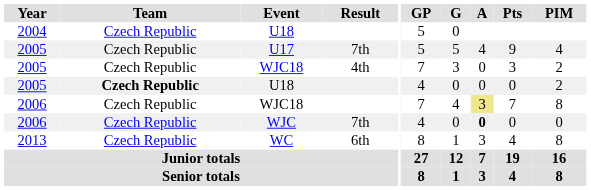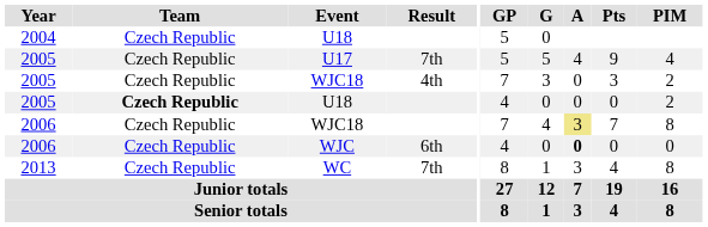 <table border="0" cellpadding="1" cellspacing="0" ID="Table3" style="text-align:center; width:40em">
 <tr ALIGN="center" bgcolor="#e0e0e0">
 <th>Year</th>
 <th>Team</th>
 <th>Event</th>
 <th>Result</th>
 <th rowspan="99" bgcolor="#ffffff"></th>
 <th>GP</th>
 <th>G</th>
 <th>A</th>
 <th>Pts</th>
 <th>PIM</th>
 </tr>
 <tr>
 <td><a href='#'>2004</a></td>
 <td><a href='#'>Czech Republic</a></td>
 <td><a href='#'>U18</a></td>
 <td></td>
 <td>5</td>
 <td>0</td>
 <td></td>
 <td></td>
 <td></td>
 </tr>
 <tr bgcolor="#f0f0f0">
 <td><a href='#'>2005</a></td>
 <td>Czech Republic</td>
 <td><a href='#'>U17</a></td>
 <td>7th</td>
 <td>5</td>
 <td>5</td>
 <td>4</td>
 <td>9</td>
 <td>4</td>
 </tr>
 <tr>
 <td><a href='#'>2005</a></td>
 <td>Czech Republic</td>
 <td><a href='#'>WJC18</a></td>
 <td>4th</td>
 <td>7</td>
 <td>3</td>
 <td>0</td>
 <td>3</td>
 <td>2</td>
 </tr>
 <tr bgcolor="#f0f0f0">
 <td><a href='#'>2005</a></td>
 <td><strong>Czech Republic</strong></td>
 <td>U18</td>
 <td></td>
 <td>4</td>
 <td>0</td>
 <td>0</td>
 <td>0</td>
 <td>2</td>
 </tr>
 <tr>
 <td><a href='#'>2006</a></td>
 <td>Czech Republic</td>
 <td>WJC18</td>
 <td></td>
 <td>7</td>
 <td>4</td>
 <td style="background: khaki;">3</td>
 <td>7</td>
 <td>8</td>
 </tr>
 <tr bgcolor="#f0f0f0">
 <td><a href='#'>2006</a></td>
 <td><a href='#'>Czech Republic</a></td>
 <td><a href='#'>WJC</a></td>
-<td>7th</td>
+<td>6th</td>
 <td>4</td>
 <td>0</td>
 <td><strong>0</strong></td>
 <td>0</td>
 <td>0</td>
 </tr>
 <tr>
 <td><a href='#'>2013</a></td>
 <td><a href='#'>Czech Republic</a></td>
 <td><a href='#'>WC</a></td>
-<td>6th</td>
+<td>7th</td>
 <td>8</td>
 <td>1</td>
 <td>3</td>
 <td>4</td>
 <td>8</td>
 </tr>
 <tr bgcolor="#e0e0e0">
 <th colspan="4">Junior totals</th>
 <th>27</th>
 <th>12</th>
 <th>7</th>
 <th>19</th>
 <th>16</th>
 </tr>
 <tr bgcolor="#e0e0e0">
 <th colspan="4">Senior totals</th>
 <th>8</th>
 <th>1</th>
 <th>3</th>
 <th>4</th>
 <th>8</th>
 </tr>
 </table>
